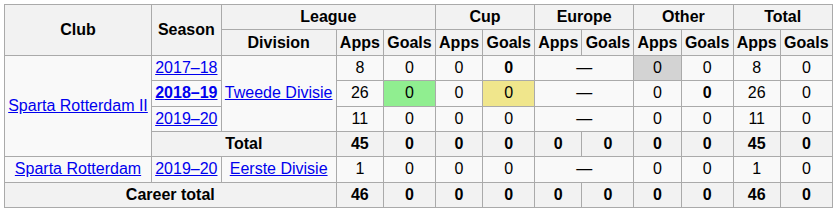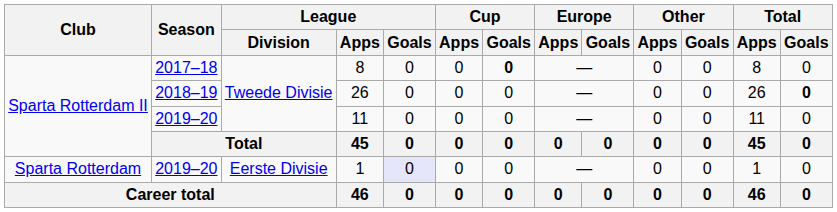 <table class="wikitable" style="text-align: center">
 <tr>
 <th rowspan="2">Club</th>
 <th rowspan="2">Season</th>
 <th colspan="3">League</th>
 <th colspan="2">Cup</th>
 <th colspan="2">Europe</th>
 <th colspan="2">Other</th>
 <th colspan="2">Total</th>
 </tr>
 <tr>
 <th>Division</th>
 <th>Apps</th>
 <th>Goals</th>
 <th>Apps</th>
 <th>Goals</th>
 <th>Apps</th>
 <th>Goals</th>
 <th>Apps</th>
 <th>Goals</th>
 <th>Apps</th>
 <th>Goals</th>
 </tr>
 <tr>
 <td rowspan="4"><a href='#'>Sparta Rotterdam II</a></td>
 <td><a href='#'>2017–18</a></td>
 <td rowspan="3"><a href='#'>Tweede Divisie</a></td>
 <td>8</td>
 <td>0</td>
 <td>0</td>
 <td><strong>0</strong></td>
 <td colspan="2">—</td>
-<td style="background: lightgrey;">0</td>
+<td>0</td>
 <td>0</td>
 <td>8</td>
 <td>0</td>
 </tr>
 <tr>
-<td><strong><a href='#'>2018–19</a></strong></td>
+<td><a href='#'>2018–19</a></td>
 <td>26</td>
-<td style="background: lightgreen;">0</td>
 <td>0</td>
-<td style="background: khaki;">0</td>
+<td>0</td>
+<td>0</td>
 <td colspan="2">—</td>
 <td>0</td>
+<td>0</td>
+<td>26</td>
 <td><strong>0</strong></td>
-<td>26</td>
-<td>0</td>
 </tr>
 <tr>
 <td><a href='#'>2019–20</a></td>
 <td>11</td>
 <td>0</td>
 <td>0</td>
 <td>0</td>
 <td colspan="2">—</td>
 <td>0</td>
 <td>0</td>
 <td>11</td>
 <td>0</td>
 </tr>
 <tr>
 <th colspan="2"><strong>Total</strong></th>
 <th>45</th>
 <th>0</th>
 <th>0</th>
 <th>0</th>
 <th>0</th>
 <th>0</th>
 <th>0</th>
 <th>0</th>
 <th>45</th>
 <th>0</th>
 </tr>
 <tr>
 <td><a href='#'>Sparta Rotterdam</a></td>
 <td><a href='#'>2019–20</a></td>
 <td><a href='#'>Eerste Divisie</a></td>
 <td>1</td>
-<td>0</td>
+<td style="background: lavender;">0</td>
 <td>0</td>
 <td>0</td>
 <td colspan="2">—</td>
 <td>0</td>
 <td>0</td>
 <td>1</td>
 <td>0</td>
 </tr>
 <tr>
 <th colspan="3"><strong>Career total</strong></th>
 <th>46</th>
 <th>0</th>
 <th>0</th>
 <th>0</th>
 <th>0</th>
 <th>0</th>
 <th>0</th>
 <th>0</th>
 <th>46</th>
 <th>0</th>
 </tr>
 </table>
